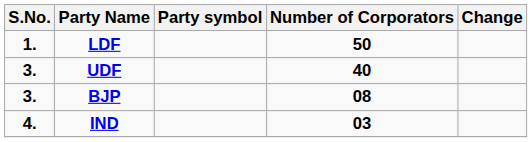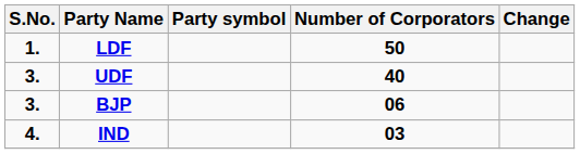 <table class="sortable wikitable">
 <tr>
 <th>S.No.</th>
 <th>Party Name</th>
 <th>Party symbol</th>
 <th>Number of Corporators</th>
 <th>Change</th>
 </tr>
 <tr>
 <td ! style="text-align:center; background:"><strong>1.</strong></td>
 <td align="center"><a href='#'><strong>LDF</strong></a></td>
 <td></td>
 <td align="center"><strong>50</strong></td>
 <td align="center"></td>
 </tr>
 <tr>
 <td ! style="text-align:center; background:"><strong>3.</strong></td>
 <td align="center"><a href='#'><strong>UDF</strong></a></td>
 <td></td>
 <td align="center"><strong>40</strong></td>
 <td align="center"></td>
 </tr>
 <tr>
 <td ! style="text-align:center; background:"><strong>3.</strong></td>
 <td align="center"><a href='#'><strong>BJP</strong></a></td>
 <td></td>
-<td align="center"><strong>08</strong></td>
+<td align="center"><strong>06</strong></td>
 <td align="center"></td>
 </tr>
 <tr>
 <td ! style="text-align:center; background:"><strong>4.</strong></td>
 <td align="center"><a href='#'><strong>IND</strong></a></td>
 <td></td>
 <td align="center"><strong>03</strong></td>
 <td align="center"></td>
 </tr>
 <tr>
 </tr>
 </table>
